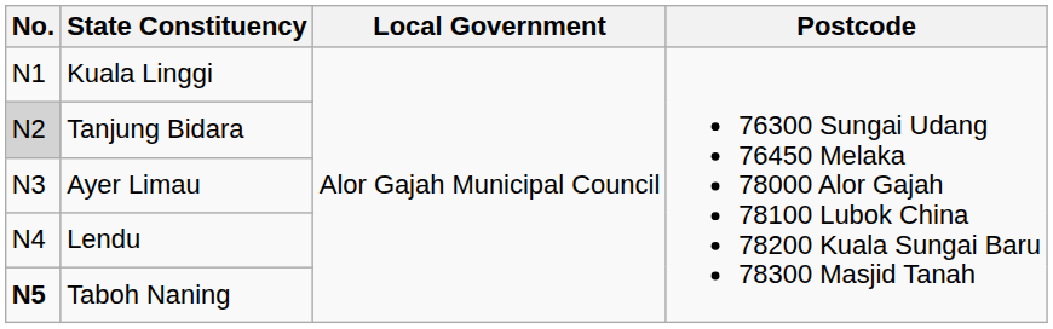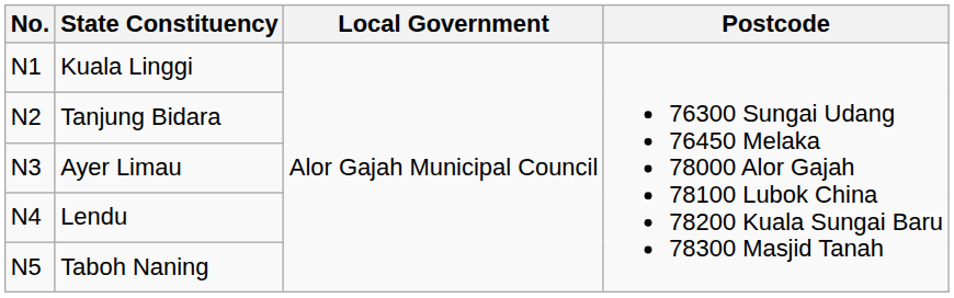 <table class="wikitable">
 <tr>
 <th>No.</th>
 <th>State Constituency</th>
 <th>Local Government</th>
 <th>Postcode</th>
 </tr>
 <tr>
 <td>N1</td>
 <td>Kuala Linggi</td>
 <td rowspan="5">Alor Gajah Municipal Council</td>
 <td rowspan="5"><br><ul><li>76300 Sungai Udang</li><li>76450 Melaka</li><li>78000 Alor Gajah</li><li>78100 Lubok China</li><li>78200 Kuala Sungai Baru</li><li>78300 Masjid Tanah</li></ul></td>
 </tr>
 <tr>
-<td style="background: lightgrey;">N2</td>
+<td>N2</td>
 <td>Tanjung Bidara</td>
 </tr>
 <tr>
 <td>N3</td>
 <td>Ayer Limau</td>
 </tr>
 <tr>
 <td>N4</td>
 <td>Lendu</td>
 </tr>
 <tr>
-<td><strong>N5</strong></td>
+<td>N5</td>
 <td>Taboh Naning</td>
 </tr>
 </table>
